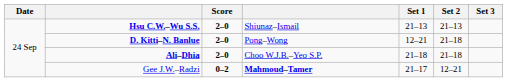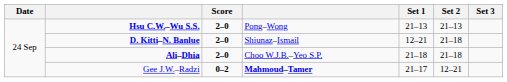 <table class="wikitable" style="text-align: center; font-size:90% ">
 <tr>
 <th width="60">Date</th>
 <th align="right" width="250"></th>
 <th width="60">Score</th>
 <th align="left" width="250"></th>
 <th width="50">Set 1</th>
 <th width="50">Set 2</th>
 <th width="50">Set 3</th>
 </tr>
 <tr>
 <td rowspan=4>24 Sep</td>
 <td align=right><strong><a href='#'>Hsu C.W.</a>–<a href='#'>Wu S.S.</a> </strong></td>
 <td align=center><strong>2–0</strong></td>
-<td align=left> <a href='#'>Shiunaz</a>–<a href='#'>Ismail</a></td>
+<td align=left> <a href='#'>Pong</a>–<a href='#'>Wong</a></td>
 <td>21–13</td>
 <td>21–13</td>
 <td></td>
 </tr>
 <tr>
 <td align=right><strong><a href='#'>D. Kitti</a>–<a href='#'>N. Banlue</a> </strong></td>
 <td align=center><strong>2–0</strong></td>
-<td align=left> <a href='#'>Pong</a>–<a href='#'>Wong</a></td>
+<td align=left> <a href='#'>Shiunaz</a>–<a href='#'>Ismail</a></td>
 <td>12–21</td>
 <td>21–18</td>
 <td></td>
 </tr>
 <tr>
 <td align=right><strong><a href='#'>Ali</a>–<a href='#'>Dhia</a> </strong></td>
 <td align=center><strong>2–0</strong></td>
 <td align=left> <a href='#'>Choo W.J.B.</a>–<a href='#'>Yeo S.P.</a></td>
 <td>21–18</td>
 <td>21–18</td>
 <td></td>
 </tr>
 <tr>
 <td align=right><a href='#'>Gee J.W.</a>–<a href='#'>Radzi</a> </td>
 <td align=center><strong>0–2</strong></td>
 <td align=left><strong> <a href='#'>Mahmoud</a>–<a href='#'>Tamer</a></strong></td>
 <td>21–17</td>
 <td>12–21</td>
 <td></td>
 </tr>
 </table>
